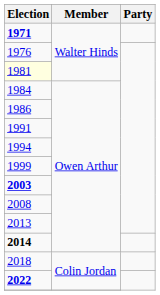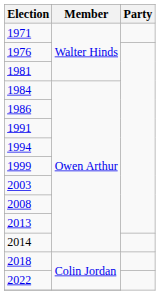 <table class="wikitable sortable">
 <tr>
 <th>Election</th>
 <th>Member</th>
 <th colspan="2">Party</th>
 </tr>
 <tr>
-<td><strong><a href='#'>1971</a></strong></td>
+<td><a href='#'>1971</a></td>
 <td rowspan=3><a href='#'>Walter Hinds</a></td>
 <td></td>
 </tr>
 <tr>
 <td><a href='#'>1976</a></td>
 </tr>
 <tr>
-<td style="background: lightyellow;"><a href='#'>1981</a></td>
+<td><a href='#'>1981</a></td>
 </tr>
 <tr>
 <td><a href='#'>1984</a></td>
 <td rowspan=9><a href='#'>Owen Arthur</a></td>
 </tr>
 <tr>
 <td><a href='#'>1986</a></td>
 </tr>
 <tr>
 <td><a href='#'>1991</a></td>
 </tr>
 <tr>
 <td><a href='#'>1994</a></td>
 </tr>
 <tr>
 <td><a href='#'>1999</a></td>
 </tr>
 <tr>
-<td><strong><a href='#'>2003</a></strong></td>
+<td><a href='#'>2003</a></td>
 </tr>
 <tr>
 <td><a href='#'>2008</a></td>
 </tr>
 <tr>
 <td><a href='#'>2013</a></td>
 </tr>
 <tr>
-<td><strong>2014</strong></td>
+<td>2014</td>
 <td></td>
 </tr>
 <tr>
 <td><a href='#'>2018</a></td>
 <td rowspan=2><a href='#'>Colin Jordan</a></td>
 <td></td>
 </tr>
 <tr>
-<td><strong><a href='#'>2022</a></strong></td>
+<td><a href='#'>2022</a></td>
 </tr>
 <tr>
 </tr>
 </table>
